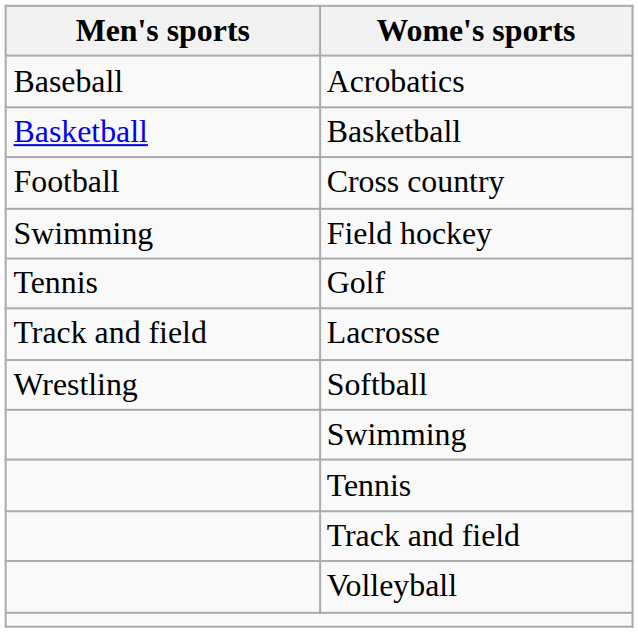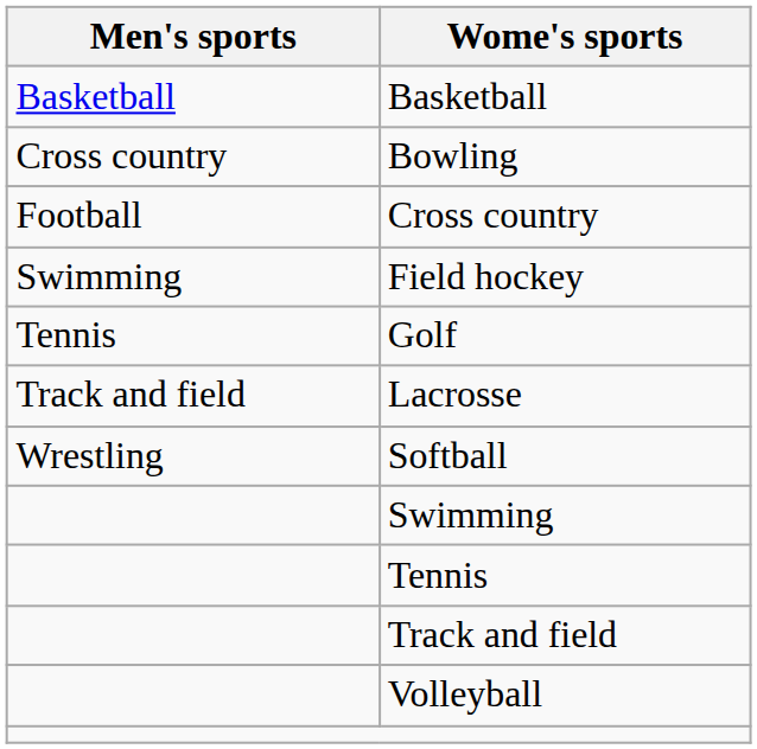 <table class="wikitable"; style="float:right; clear:right; margin-left:15px">
 <tr>
 <th width=150px>Men's sports</th>
 <th width=150px>Wome's sports</th>
 </tr>
 <tr>
-<td>Baseball</td>
-<td>Acrobatics</td>
+<td><a href='#'>Basketball</a></td>
+<td>Basketball</td>
 </tr>
 <tr>
-<td><a href='#'>Basketball</a></td>
-<td>Basketball</td>
+<td>Cross country</td>
+<td>Bowling</td>
 </tr>
 <tr>
 <td>Football</td>
 <td>Cross country</td>
 </tr>
 <tr>
 <td>Swimming</td>
 <td>Field hockey</td>
 </tr>
 <tr>
 <td>Tennis</td>
 <td>Golf</td>
 </tr>
 <tr>
 <td>Track and field</td>
 <td>Lacrosse</td>
 </tr>
 <tr>
 <td>Wrestling</td>
 <td>Softball</td>
 </tr>
 <tr>
 <td></td>
 <td>Swimming</td>
 </tr>
 <tr>
 <td></td>
 <td>Tennis</td>
 </tr>
 <tr>
 <td></td>
 <td>Track and field</td>
 </tr>
 <tr>
 <td></td>
 <td>Volleyball</td>
 </tr>
 <tr>
 <td colspan=2></td>
 </tr>
 </table>
